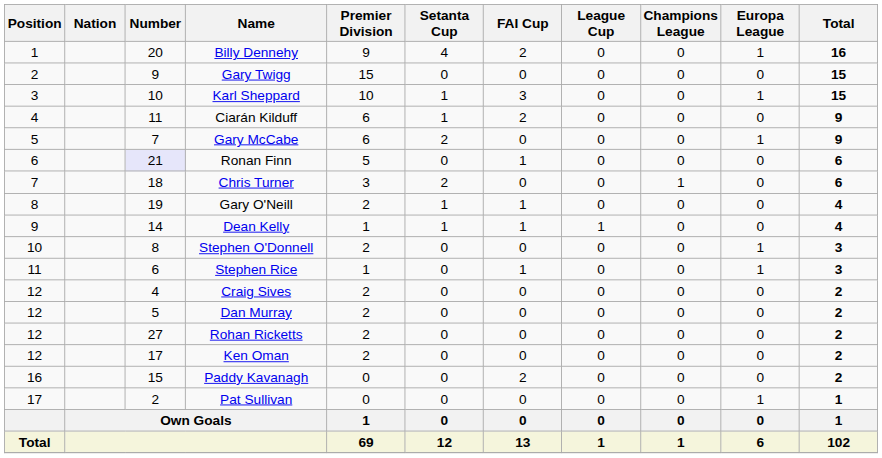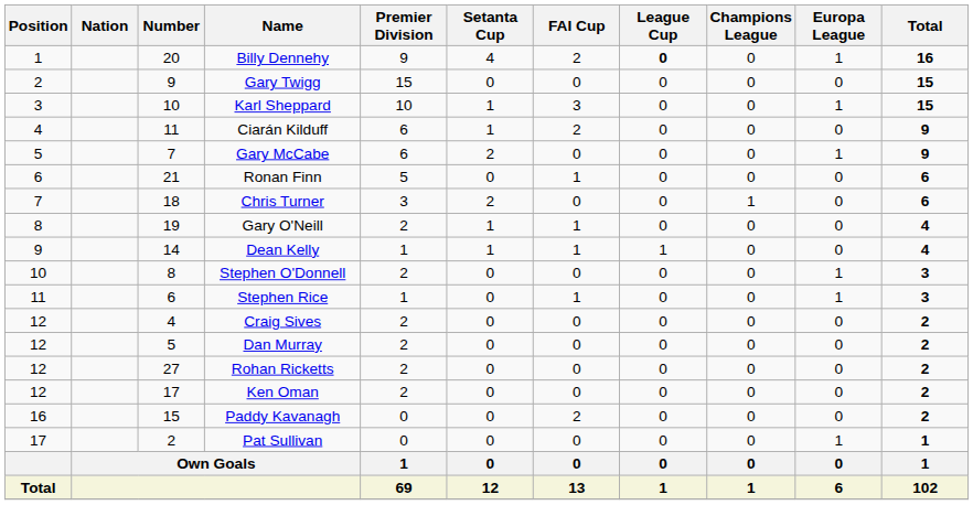 <table class="wikitable sortable" style="font-size: 95%; text-align: center;">
 <tr>
 <th width=60>Position</th>
 <th width=60>Nation</th>
 <th width=60>Number</th>
 <th width=150>Name</th>
 <th width=80>Premier Division</th>
 <th width=80>Setanta Cup</th>
 <th width=80>FAI Cup</th>
 <th width=80>League Cup</th>
 <th width=80>Champions League</th>
 <th width=80>Europa League</th>
 <th width=80>Total</th>
 </tr>
 <tr>
 <td>1</td>
 <td></td>
 <td>20</td>
 <td><a href='#'>Billy Dennehy</a></td>
 <td>9</td>
 <td>4</td>
 <td>2</td>
-<td>0</td>
+<td><strong>0</strong></td>
 <td>0</td>
 <td>1</td>
 <td><strong>16</strong></td>
 </tr>
 <tr>
 <td>2</td>
 <td></td>
 <td>9</td>
 <td><a href='#'>Gary Twigg</a></td>
 <td>15</td>
 <td>0</td>
 <td>0</td>
 <td>0</td>
 <td>0</td>
 <td>0</td>
 <td><strong>15</strong></td>
 </tr>
 <tr>
 <td>3</td>
 <td></td>
 <td>10</td>
 <td><a href='#'>Karl Sheppard</a></td>
 <td>10</td>
 <td>1</td>
 <td>3</td>
 <td>0</td>
 <td>0</td>
 <td>1</td>
 <td><strong>15</strong></td>
 </tr>
 <tr>
 <td>4</td>
 <td></td>
 <td>11</td>
 <td>Ciarán Kilduff</td>
 <td>6</td>
 <td>1</td>
 <td>2</td>
 <td>0</td>
 <td>0</td>
 <td>0</td>
 <td><strong>9</strong></td>
 </tr>
 <tr>
 <td>5</td>
 <td></td>
 <td>7</td>
 <td><a href='#'>Gary McCabe</a></td>
 <td>6</td>
 <td>2</td>
 <td>0</td>
 <td>0</td>
 <td>0</td>
 <td>1</td>
 <td><strong>9</strong></td>
 </tr>
 <tr>
 <td>6</td>
 <td></td>
-<td style="background: lavender;">21</td>
+<td>21</td>
 <td>Ronan Finn</td>
 <td>5</td>
 <td>0</td>
 <td>1</td>
 <td>0</td>
 <td>0</td>
 <td>0</td>
 <td><strong>6</strong></td>
 </tr>
 <tr>
 <td>7</td>
 <td></td>
 <td>18</td>
 <td><a href='#'>Chris Turner</a></td>
 <td>3</td>
 <td>2</td>
 <td>0</td>
 <td>0</td>
 <td>1</td>
 <td>0</td>
 <td><strong>6</strong></td>
 </tr>
 <tr>
 <td>8</td>
 <td></td>
 <td>19</td>
 <td>Gary O'Neill</td>
 <td>2</td>
 <td>1</td>
 <td>1</td>
 <td>0</td>
 <td>0</td>
 <td>0</td>
 <td><strong>4</strong></td>
 </tr>
 <tr>
 <td>9</td>
 <td></td>
 <td>14</td>
 <td><a href='#'>Dean Kelly</a></td>
 <td>1</td>
 <td>1</td>
 <td>1</td>
 <td>1</td>
 <td>0</td>
 <td>0</td>
 <td><strong>4</strong></td>
 </tr>
 <tr>
 <td>10</td>
 <td></td>
 <td>8</td>
 <td><a href='#'>Stephen O'Donnell</a></td>
 <td>2</td>
 <td>0</td>
 <td>0</td>
 <td>0</td>
 <td>0</td>
 <td>1</td>
 <td><strong>3</strong></td>
 </tr>
 <tr>
 <td>11</td>
 <td></td>
 <td>6</td>
 <td><a href='#'>Stephen Rice</a></td>
 <td>1</td>
 <td>0</td>
 <td>1</td>
 <td>0</td>
 <td>0</td>
 <td>1</td>
 <td><strong>3</strong></td>
 </tr>
 <tr>
 <td>12</td>
 <td></td>
 <td>4</td>
 <td><a href='#'>Craig Sives</a></td>
 <td>2</td>
 <td>0</td>
 <td>0</td>
 <td>0</td>
 <td>0</td>
 <td>0</td>
 <td><strong>2</strong></td>
 </tr>
 <tr>
 <td>12</td>
 <td></td>
 <td>5</td>
 <td><a href='#'>Dan Murray</a></td>
 <td>2</td>
 <td>0</td>
 <td>0</td>
 <td>0</td>
 <td>0</td>
 <td>0</td>
 <td><strong>2</strong></td>
 </tr>
 <tr>
 <td>12</td>
 <td></td>
 <td>27</td>
 <td><a href='#'>Rohan Ricketts</a></td>
 <td>2</td>
 <td>0</td>
 <td>0</td>
 <td>0</td>
 <td>0</td>
 <td>0</td>
 <td><strong>2</strong></td>
 </tr>
 <tr>
 <td>12</td>
 <td></td>
 <td>17</td>
 <td><a href='#'>Ken Oman</a></td>
 <td>2</td>
 <td>0</td>
 <td>0</td>
 <td>0</td>
 <td>0</td>
 <td>0</td>
 <td><strong>2</strong></td>
 </tr>
 <tr>
 <td>16</td>
 <td></td>
 <td>15</td>
 <td><a href='#'>Paddy Kavanagh</a></td>
 <td>0</td>
 <td>0</td>
 <td>2</td>
 <td>0</td>
 <td>0</td>
 <td>0</td>
 <td><strong>2</strong></td>
 </tr>
 <tr>
 <td>17</td>
 <td></td>
 <td>2</td>
 <td><a href='#'>Pat Sullivan</a></td>
 <td>0</td>
 <td>0</td>
 <td>0</td>
 <td>0</td>
 <td>0</td>
 <td>1</td>
 <td><strong>1</strong></td>
 </tr>
 <tr>
 <th align=left style="background:" colspan="1"></th>
 <th align=left style="background:" colspan="3">Own Goals</th>
 <th align=left style="background:">1</th>
 <th align=left style="background:">0</th>
 <th align=left style="background:">0</th>
 <th align=left style="background:">0</th>
 <th align=left style="background:">0</th>
 <th align=left style="background:">0</th>
 <th align=left style="background:">1</th>
 </tr>
 <tr>
 <th align=left style="background:beige">Total</th>
 <th align=left style="background:beige" colspan="3"></th>
 <th align=left style="background:beige">69</th>
 <th align=left style="background:beige">12</th>
 <th align=left style="background:beige">13</th>
 <th align=left style="background:beige">1</th>
 <th align=left style="background:beige">1</th>
 <th align=left style="background:beige">6</th>
 <th align=left style="background:beige">102</th>
 </tr>
 <tr>
 </tr>
 </table>
